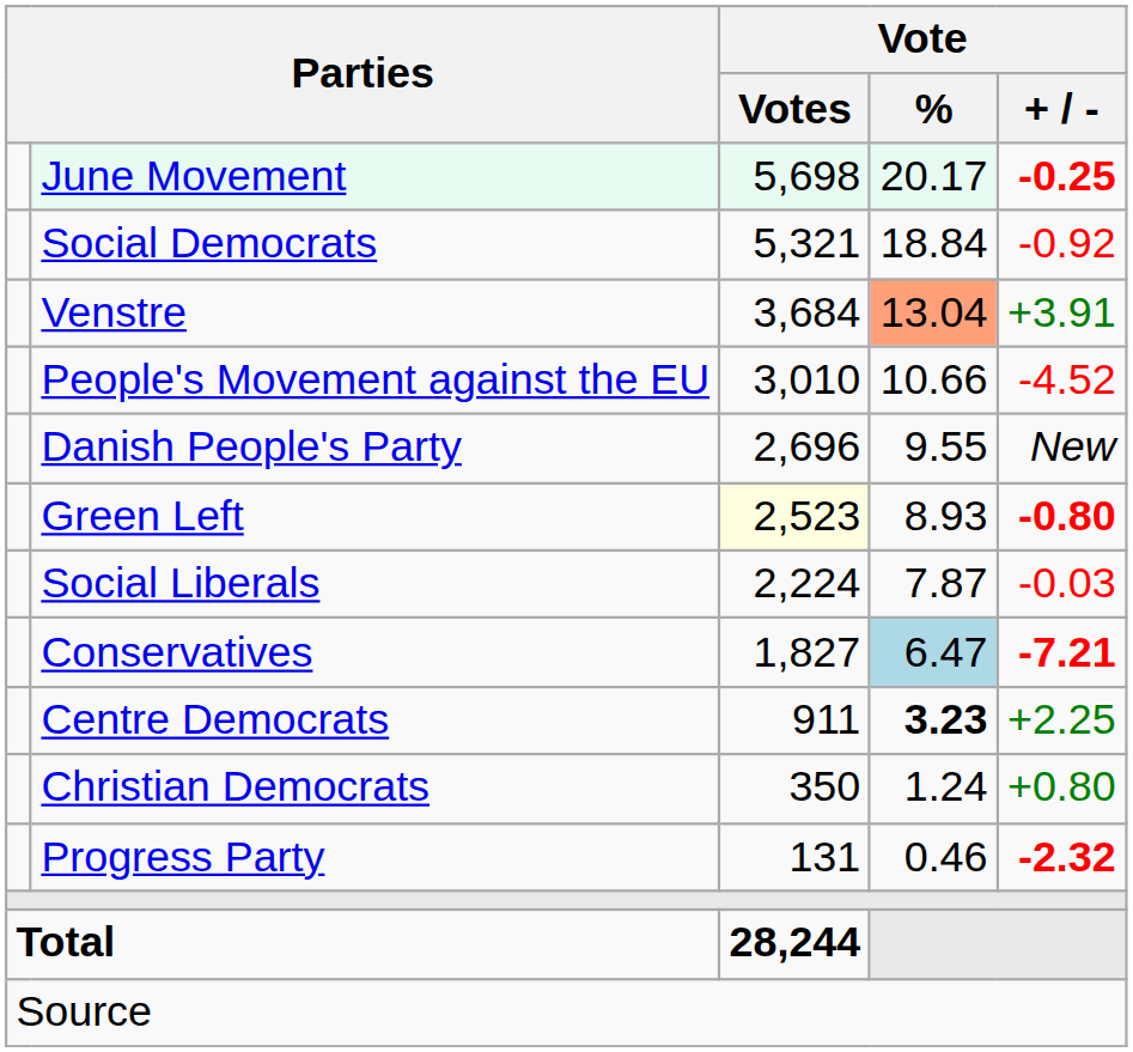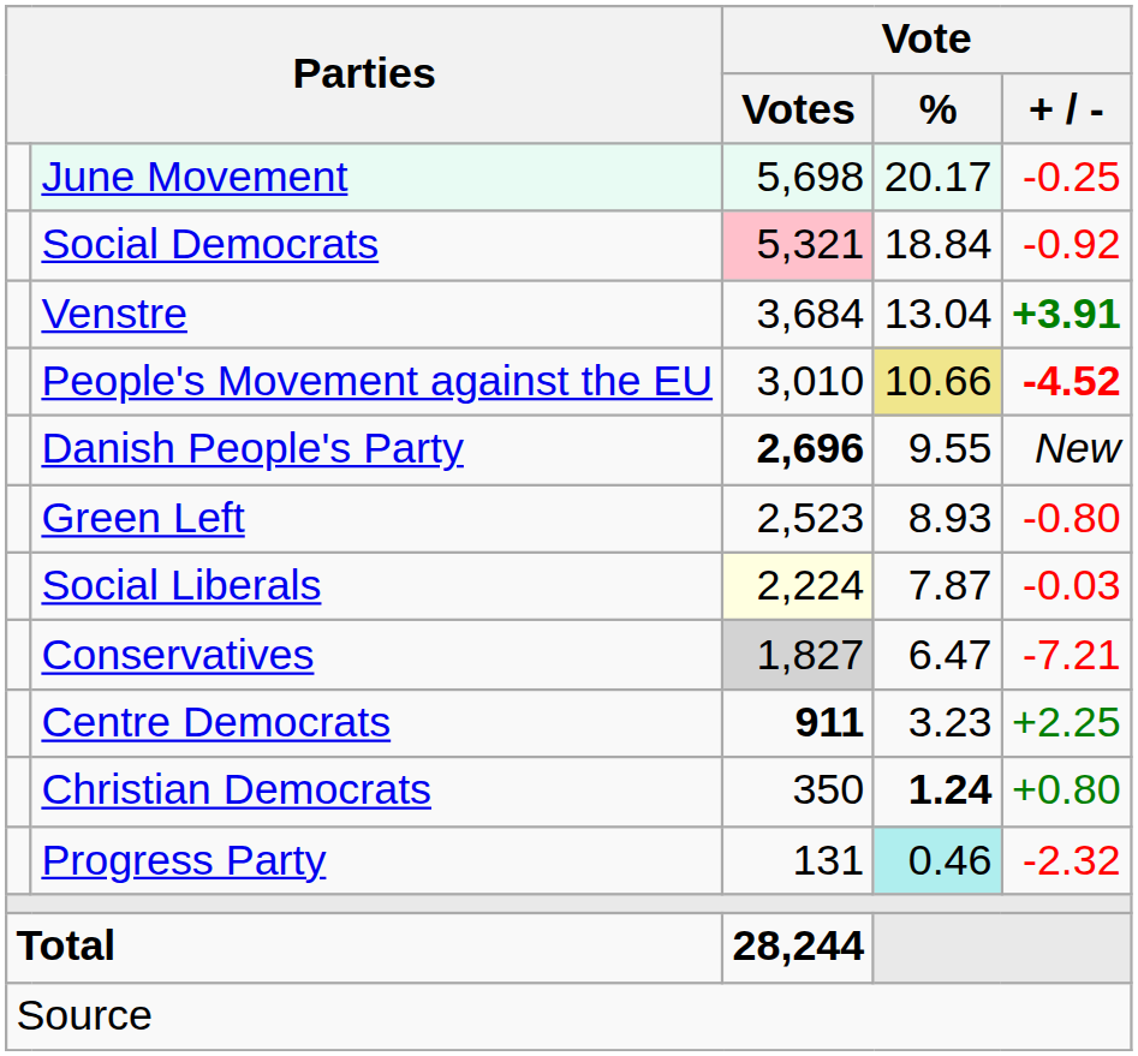 <table class="wikitable" style="text-align:right;">
 <tr>
 <th style="text-align:centre;" rowspan="2" colspan="2" width="225">Parties</th>
 <th colspan="3">Vote</th>
 </tr>
 <tr>
 <th width="15">Votes</th>
 <th width="15">%</th>
 <th width="15">+ / -</th>
 </tr>
 <tr>
 <td width="2" style="color:inherit;background:"></td>
 <td bgcolor=#e8fbf3   align="left"><a href='#'>June Movement</a></td>
 <td bgcolor=#e8fbf3>5,698</td>
 <td bgcolor=#e8fbf3>20.17</td>
-<td style=color:red;><strong>-0.25</strong></td>
+<td style=color:red;>-0.25</td>
 </tr>
 <tr>
 <td width="2" style="color:inherit;background:"></td>
 <td align="left"><a href='#'>Social Democrats</a></td>
-<td>5,321</td>
+<td style="background: pink;">5,321</td>
 <td>18.84</td>
 <td style=color:red;>-0.92</td>
 </tr>
 <tr>
 <td width="2" style="color:inherit;background:"></td>
 <td align="left"><a href='#'>Venstre</a></td>
 <td>3,684</td>
-<td style="background: lightsalmon;">13.04</td>
-<td style=color:green;>+3.91</td>
+<td>13.04</td>
+<td style=color:green;><strong>+3.91</strong></td>
 </tr>
 <tr>
 <td width="2" style="color:inherit;background:"></td>
 <td align="left"><a href='#'>People's Movement against the EU</a></td>
 <td>3,010</td>
-<td>10.66</td>
-<td style=color:red;>-4.52</td>
+<td style="background: khaki;">10.66</td>
+<td style=color:red;><strong>-4.52</strong></td>
 </tr>
 <tr>
 <td width="2" style="color:inherit;background:"></td>
 <td align="left"><a href='#'>Danish People's Party</a></td>
-<td>2,696</td>
+<td><strong>2,696</strong></td>
 <td>9.55</td>
 <td><em>New</em></td>
 </tr>
 <tr>
 <td width="2" style="color:inherit;background:"></td>
 <td align="left"><a href='#'>Green Left</a></td>
-<td style="background: lightyellow;">2,523</td>
+<td>2,523</td>
 <td>8.93</td>
-<td style=color:red;><strong>-0.80</strong></td>
+<td style=color:red;>-0.80</td>
 </tr>
 <tr>
 <td width="2" style="color:inherit;background:"></td>
 <td align="left"><a href='#'>Social Liberals</a></td>
-<td>2,224</td>
+<td style="background: lightyellow;">2,224</td>
 <td>7.87</td>
 <td style=color:red;>-0.03</td>
 </tr>
 <tr>
 <td width="2" style="color:inherit;background:"></td>
 <td align="left"><a href='#'>Conservatives</a></td>
-<td>1,827</td>
-<td style="background: lightblue;">6.47</td>
-<td style=color:red;><strong>-7.21</strong></td>
+<td style="background: lightgrey;">1,827</td>
+<td>6.47</td>
+<td style=color:red;>-7.21</td>
 </tr>
 <tr>
 <td width="2" style="color:inherit;background:"></td>
 <td align="left"><a href='#'>Centre Democrats</a></td>
-<td>911</td>
-<td><strong>3.23</strong></td>
+<td><strong>911</strong></td>
+<td>3.23</td>
 <td style=color:green;>+2.25</td>
 </tr>
 <tr>
 <td width="2" style="color:inherit;background:"></td>
 <td align="left"><a href='#'>Christian Democrats</a></td>
 <td>350</td>
-<td>1.24</td>
+<td><strong>1.24</strong></td>
 <td style=color:green;>+0.80</td>
 </tr>
 <tr>
 <td width="2" style="color:inherit;background:"></td>
 <td align="left"><a href='#'>Progress Party</a></td>
 <td>131</td>
-<td>0.46</td>
-<td style=color:red;><strong>-2.32</strong></td>
+<td style="background: paleturquoise;">0.46</td>
+<td style=color:red;>-2.32</td>
 </tr>
 <tr>
 <td colspan="7" bgcolor="#E9E9E9"></td>
 </tr>
 <tr>
 <td align="left" colspan="2"><strong>Total</strong></td>
 <td><strong>28,244</strong></td>
 <td bgcolor="#E9E9E9" colspan="2"></td>
 </tr>
 <tr>
 <td align="left" colspan="6">Source</td>
 </tr>
 </table>
